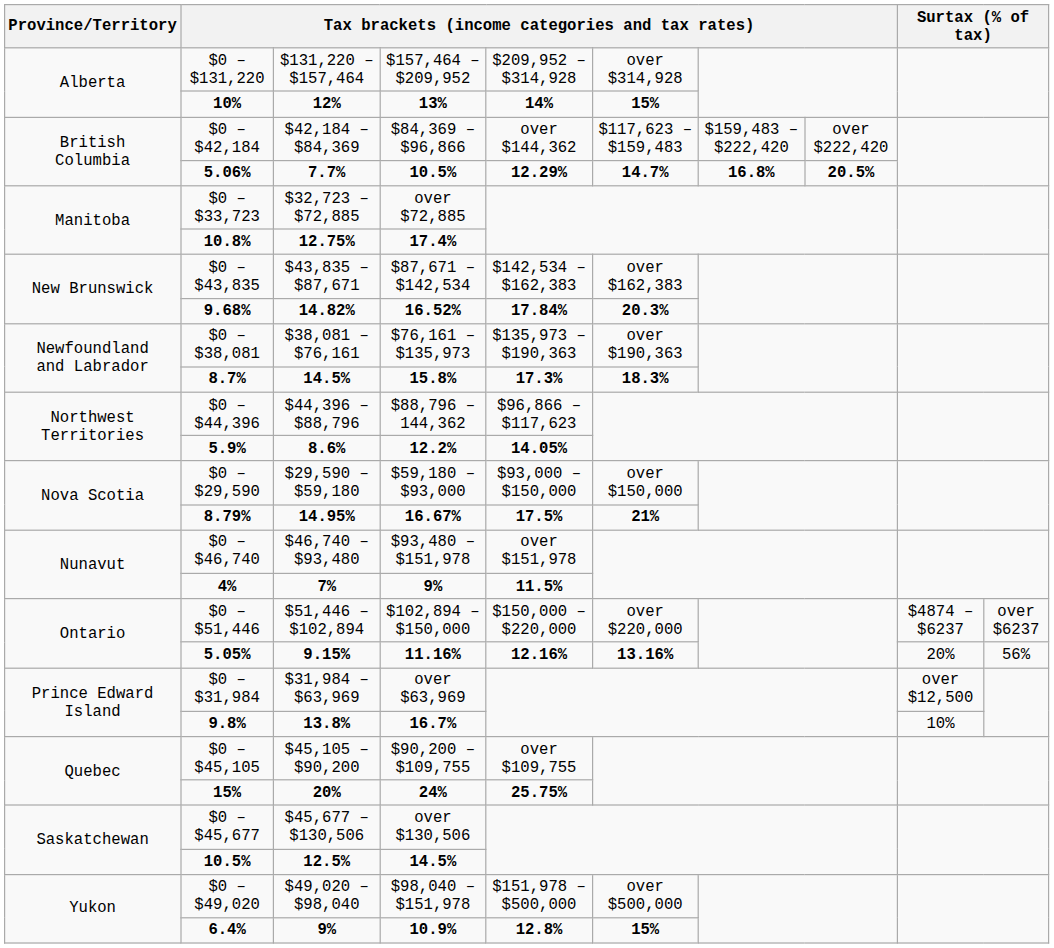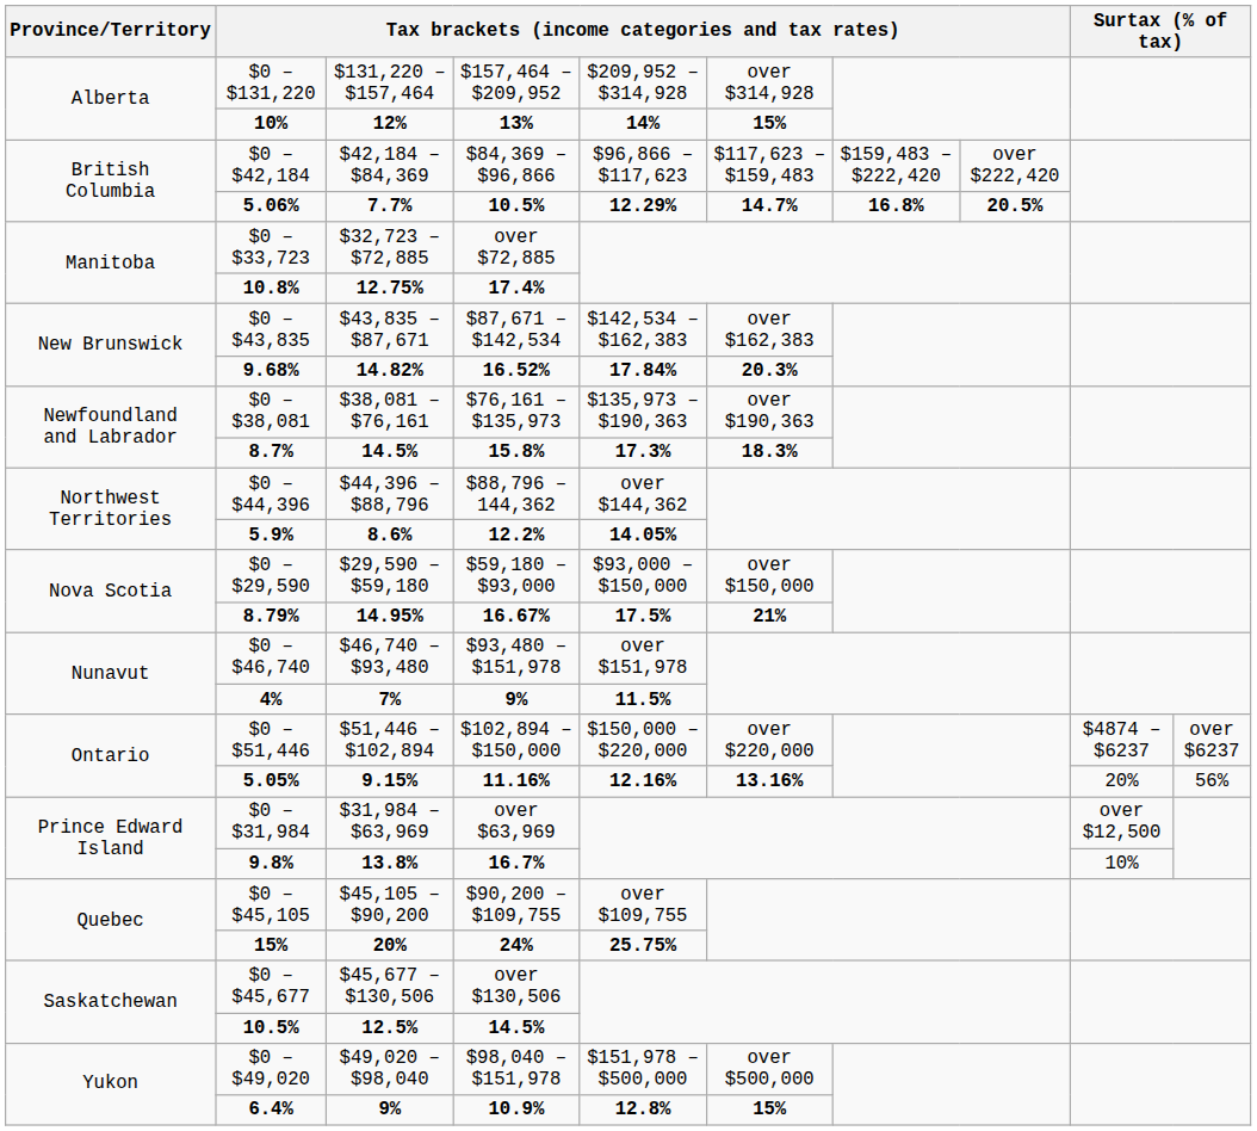 <table class="wikitable mw-collapsible" style="text-align: center">
 <tr>
 <th>Province/Territory</th>
 <th colspan="7">Tax brackets (income categories and tax rates)</th>
 <th colspan="2">Surtax (% of tax)</th>
 </tr>
 <tr>
 <td rowspan="2">Alberta</td>
 <td>$0 – $131,220</td>
 <td>$131,220 – $157,464</td>
 <td>$157,464 – $209,952</td>
 <td>$209,952 – $314,928</td>
 <td>over $314,928</td>
 <td colspan="2" rowspan="2"></td>
 <td colspan="2" rowspan="2"></td>
 </tr>
 <tr>
 <td><strong>10%</strong></td>
 <td><strong>12%</strong></td>
 <td><strong>13%</strong></td>
 <td><strong>14%</strong></td>
 <td><strong>15%</strong></td>
 </tr>
 <tr>
 <td rowspan="2">British<br>Columbia</td>
 <td>$0 – $42,184</td>
 <td>$42,184 – $84,369</td>
 <td>$84,369 – $96,866</td>
-<td>over $144,362</td>
+<td>$96,866 – $117,623</td>
 <td>$117,623 – $159,483</td>
 <td>$159,483 – $222,420</td>
 <td>over $222,420</td>
 <td colspan="2" rowspan="2"></td>
 </tr>
 <tr>
 <td><strong>5.06%</strong></td>
 <td><strong>7.7%</strong></td>
 <td><strong>10.5%</strong></td>
 <td><strong>12.29%</strong></td>
 <td><strong>14.7%</strong></td>
 <td><strong>16.8%</strong></td>
 <td><strong>20.5%</strong></td>
 </tr>
 <tr>
 <td rowspan="2">Manitoba</td>
 <td>$0 – $33,723</td>
 <td>$32,723 – $72,885</td>
 <td>over $72,885</td>
 <td colspan="4" rowspan="2"></td>
 <td colspan="2" rowspan="2"></td>
 </tr>
 <tr>
 <td><strong>10.8%</strong></td>
 <td><strong>12.75%</strong></td>
 <td><strong>17.4%</strong></td>
 </tr>
 <tr>
 <td rowspan="2">New Brunswick</td>
 <td>$0 – $43,835</td>
 <td>$43,835 – $87,671</td>
 <td>$87,671 – $142,534</td>
 <td>$142,534 – $162,383</td>
 <td>over $162,383</td>
 <td colspan="2" rowspan="2"></td>
 <td colspan="2" rowspan="2"></td>
 </tr>
 <tr>
 <td><strong>9.68%</strong></td>
 <td><strong>14.82%</strong></td>
 <td><strong>16.52%</strong></td>
 <td><strong>17.84%</strong></td>
 <td><strong>20.3%</strong></td>
 </tr>
 <tr>
 <td rowspan="2">Newfoundland<br>and Labrador</td>
 <td>$0 – $38,081</td>
 <td>$38,081 – $76,161</td>
 <td>$76,161 – $135,973</td>
 <td>$135,973 – $190,363</td>
 <td>over $190,363</td>
 <td colspan="2" rowspan="2"></td>
 <td colspan="2" rowspan="2"></td>
 </tr>
 <tr>
 <td><strong>8.7%</strong></td>
 <td><strong>14.5%</strong></td>
 <td><strong>15.8%</strong></td>
 <td><strong>17.3%</strong></td>
 <td><strong>18.3%</strong></td>
 </tr>
 <tr>
 <td rowspan="2">Northwest<br>Territories</td>
 <td>$0 – $44,396</td>
 <td>$44,396 – $88,796</td>
 <td>$88,796 – 144,362</td>
-<td>$96,866 – $117,623</td>
+<td>over $144,362</td>
 <td colspan="3" rowspan="2"></td>
 <td colspan="2" rowspan="2"></td>
 </tr>
 <tr>
 <td><strong>5.9%</strong></td>
 <td><strong>8.6%</strong></td>
 <td><strong>12.2%</strong></td>
 <td><strong>14.05%</strong></td>
 </tr>
 <tr>
 <td rowspan="2">Nova Scotia</td>
 <td>$0 – $29,590</td>
 <td>$29,590 – $59,180</td>
 <td>$59,180 – $93,000</td>
 <td>$93,000 – $150,000</td>
 <td>over $150,000</td>
 <td colspan="2" rowspan="2"></td>
 <td colspan="2" rowspan="2"></td>
 </tr>
 <tr>
 <td><strong>8.79%</strong></td>
 <td><strong>14.95%</strong></td>
 <td><strong>16.67%</strong></td>
 <td><strong>17.5%</strong></td>
 <td><strong>21%</strong></td>
 </tr>
 <tr>
 <td rowspan="2">Nunavut</td>
 <td>$0 – $46,740</td>
 <td>$46,740 – $93,480</td>
 <td>$93,480 – $151,978</td>
 <td>over $151,978</td>
 <td colspan="3" rowspan="2"></td>
 <td colspan="2" rowspan="2"></td>
 </tr>
 <tr>
 <td><strong>4%</strong></td>
 <td><strong>7%</strong></td>
 <td><strong>9%</strong></td>
 <td><strong>11.5%</strong></td>
 </tr>
 <tr>
 <td rowspan="2">Ontario</td>
 <td>$0 – $51,446</td>
 <td>$51,446 – $102,894</td>
 <td>$102,894 – $150,000</td>
 <td>$150,000 – $220,000</td>
 <td>over $220,000</td>
 <td colspan="2" rowspan="2"></td>
 <td>$4874 – $6237</td>
 <td>over $6237</td>
 </tr>
 <tr>
 <td><strong>5.05%</strong></td>
 <td><strong>9.15%</strong></td>
 <td><strong>11.16%</strong></td>
 <td><strong>12.16%</strong></td>
 <td><strong>13.16%</strong></td>
 <td>20%</td>
 <td>56%</td>
 </tr>
 <tr>
 <td rowspan="2">Prince Edward<br>Island</td>
 <td>$0 – $31,984</td>
 <td>$31,984 – $63,969</td>
 <td>over $63,969</td>
 <td colspan="4" rowspan="2"></td>
 <td>over $12,500</td>
 <td rowspan="2"></td>
 </tr>
 <tr>
 <td><strong>9.8%</strong></td>
 <td><strong>13.8%</strong></td>
 <td><strong>16.7%</strong></td>
 <td>10%</td>
 </tr>
 <tr>
 <td rowspan="2">Quebec</td>
 <td>$0 – $45,105</td>
 <td>$45,105 – $90,200</td>
 <td>$90,200 – $109,755</td>
 <td>over $109,755</td>
 <td colspan="3" rowspan="2"></td>
 <td colspan="2" rowspan="2"></td>
 </tr>
 <tr>
 <td><strong>15%</strong></td>
 <td><strong>20%</strong></td>
 <td><strong>24%</strong></td>
 <td><strong>25.75%</strong></td>
 </tr>
 <tr>
 <td rowspan="2">Saskatchewan</td>
 <td>$0 – $45,677</td>
 <td>$45,677 – $130,506</td>
 <td>over $130,506</td>
 <td colspan="4" rowspan="2"></td>
 <td colspan="2" rowspan="2"></td>
 </tr>
 <tr>
 <td><strong>10.5%</strong></td>
 <td><strong>12.5%</strong></td>
 <td><strong>14.5%</strong></td>
 </tr>
 <tr>
 <td rowspan="2">Yukon</td>
 <td>$0 – $49,020</td>
 <td>$49,020 – $98,040</td>
 <td>$98,040 – $151,978</td>
 <td>$151,978 – $500,000</td>
 <td>over $500,000</td>
 <td colspan="2" rowspan="2"></td>
 <td colspan="2" rowspan="2"></td>
 </tr>
 <tr>
 <td><strong>6.4%</strong></td>
 <td><strong>9%</strong></td>
 <td><strong>10.9%</strong></td>
 <td><strong>12.8%</strong></td>
 <td><strong>15%</strong></td>
 </tr>
 </table>
